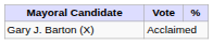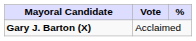 <table class="wikitable">
 <tr>
 <th style="background:#ddf; width:200px;">Mayoral Candidate </th>
 <th style="background:#ddf; width:50px;">Vote</th>
 <th style="background:#ddf; width:30px;">%</th>
 </tr>
 <tr>
-<td>Gary J. Barton (X)</td>
+<td><strong>Gary J. Barton (X)</strong></td>
 <td colspan="2">Acclaimed</td>
 </tr>
 </table>
